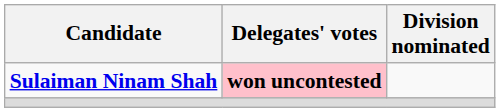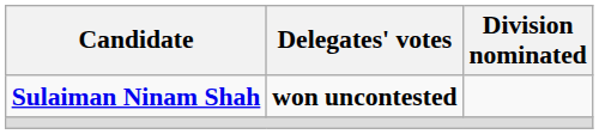 <table class=wikitable>
 <tr>
 <th>Candidate</th>
 <th>Delegates' votes</th>
 <th>Division<br>nominated</th>
 </tr>
 <tr>
 <td><strong><a href='#'>Sulaiman Ninam Shah</a></strong></td>
-<td align=center style="background: pink;"><strong>won uncontested</strong></td>
+<td align=center><strong>won uncontested</strong></td>
 <td align=center><strong></strong></td>
 </tr>
 <tr>
 <td colspan=3 bgcolor=dcdcdc></td>
 </tr>
 </table>
